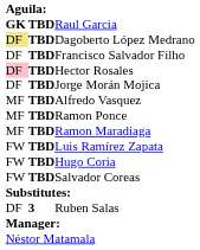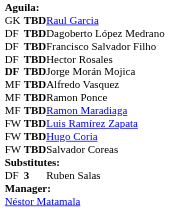 <table style="font-size: 90%" cellspacing="0" cellpadding="0" align=right>
 <tr>
 <td colspan="4"><strong>Aguila:</strong></td>
 </tr>
 <tr>
 <th width="25"></th>
 <th width="25"></th>
 </tr>
 <tr>
-<td><strong>GK</strong></td>
+<td>GK</td>
 <td><strong>TBD</strong></td>
 <td> <a href='#'>Raul Garcia</a></td>
 </tr>
 <tr>
-<td style="background: khaki;">DF</td>
+<td>DF</td>
 <td><strong>TBD</strong></td>
 <td> Dagoberto López Medrano</td>
 </tr>
 <tr>
 <td>DF</td>
 <td><strong>TBD</strong></td>
 <td> Francisco Salvador Filho</td>
 </tr>
 <tr>
-<td style="background: pink;">DF</td>
+<td>DF</td>
 <td><strong>TBD</strong></td>
 <td> Hector Rosales</td>
 </tr>
 <tr>
-<td>DF</td>
+<td><strong>DF</strong></td>
 <td><strong>TBD</strong></td>
 <td> Jorge Morán Mojica</td>
 </tr>
 <tr>
 <td>MF</td>
 <td><strong>TBD</strong></td>
 <td> Alfredo Vasquez</td>
 </tr>
 <tr>
 <td>MF</td>
 <td><strong>TBD</strong></td>
 <td> Ramon Ponce</td>
 </tr>
 <tr>
 <td>MF</td>
 <td><strong>TBD</strong></td>
 <td> <a href='#'>Ramon Maradiaga</a></td>
 </tr>
 <tr>
 <td>FW</td>
 <td><strong>TBD</strong></td>
 <td> <a href='#'>Luis Ramírez Zapata</a></td>
 </tr>
 <tr>
 <td>FW</td>
 <td><strong>TBD</strong></td>
 <td> <a href='#'>Hugo Coria</a></td>
 </tr>
 <tr>
 <td>FW</td>
 <td><strong>TBD</strong></td>
 <td> Salvador Coreas</td>
 </tr>
 <tr>
 <td colspan=3><strong>Substitutes:</strong></td>
 </tr>
 <tr>
 <td>DF</td>
 <td><strong>3</strong></td>
 <td> Ruben Salas</td>
 </tr>
 <tr>
 <td colspan=3><strong>Manager:</strong></td>
 </tr>
 <tr>
 <td colspan=4> <a href='#'>Néstor Matamala</a></td>
 </tr>
 </table>
